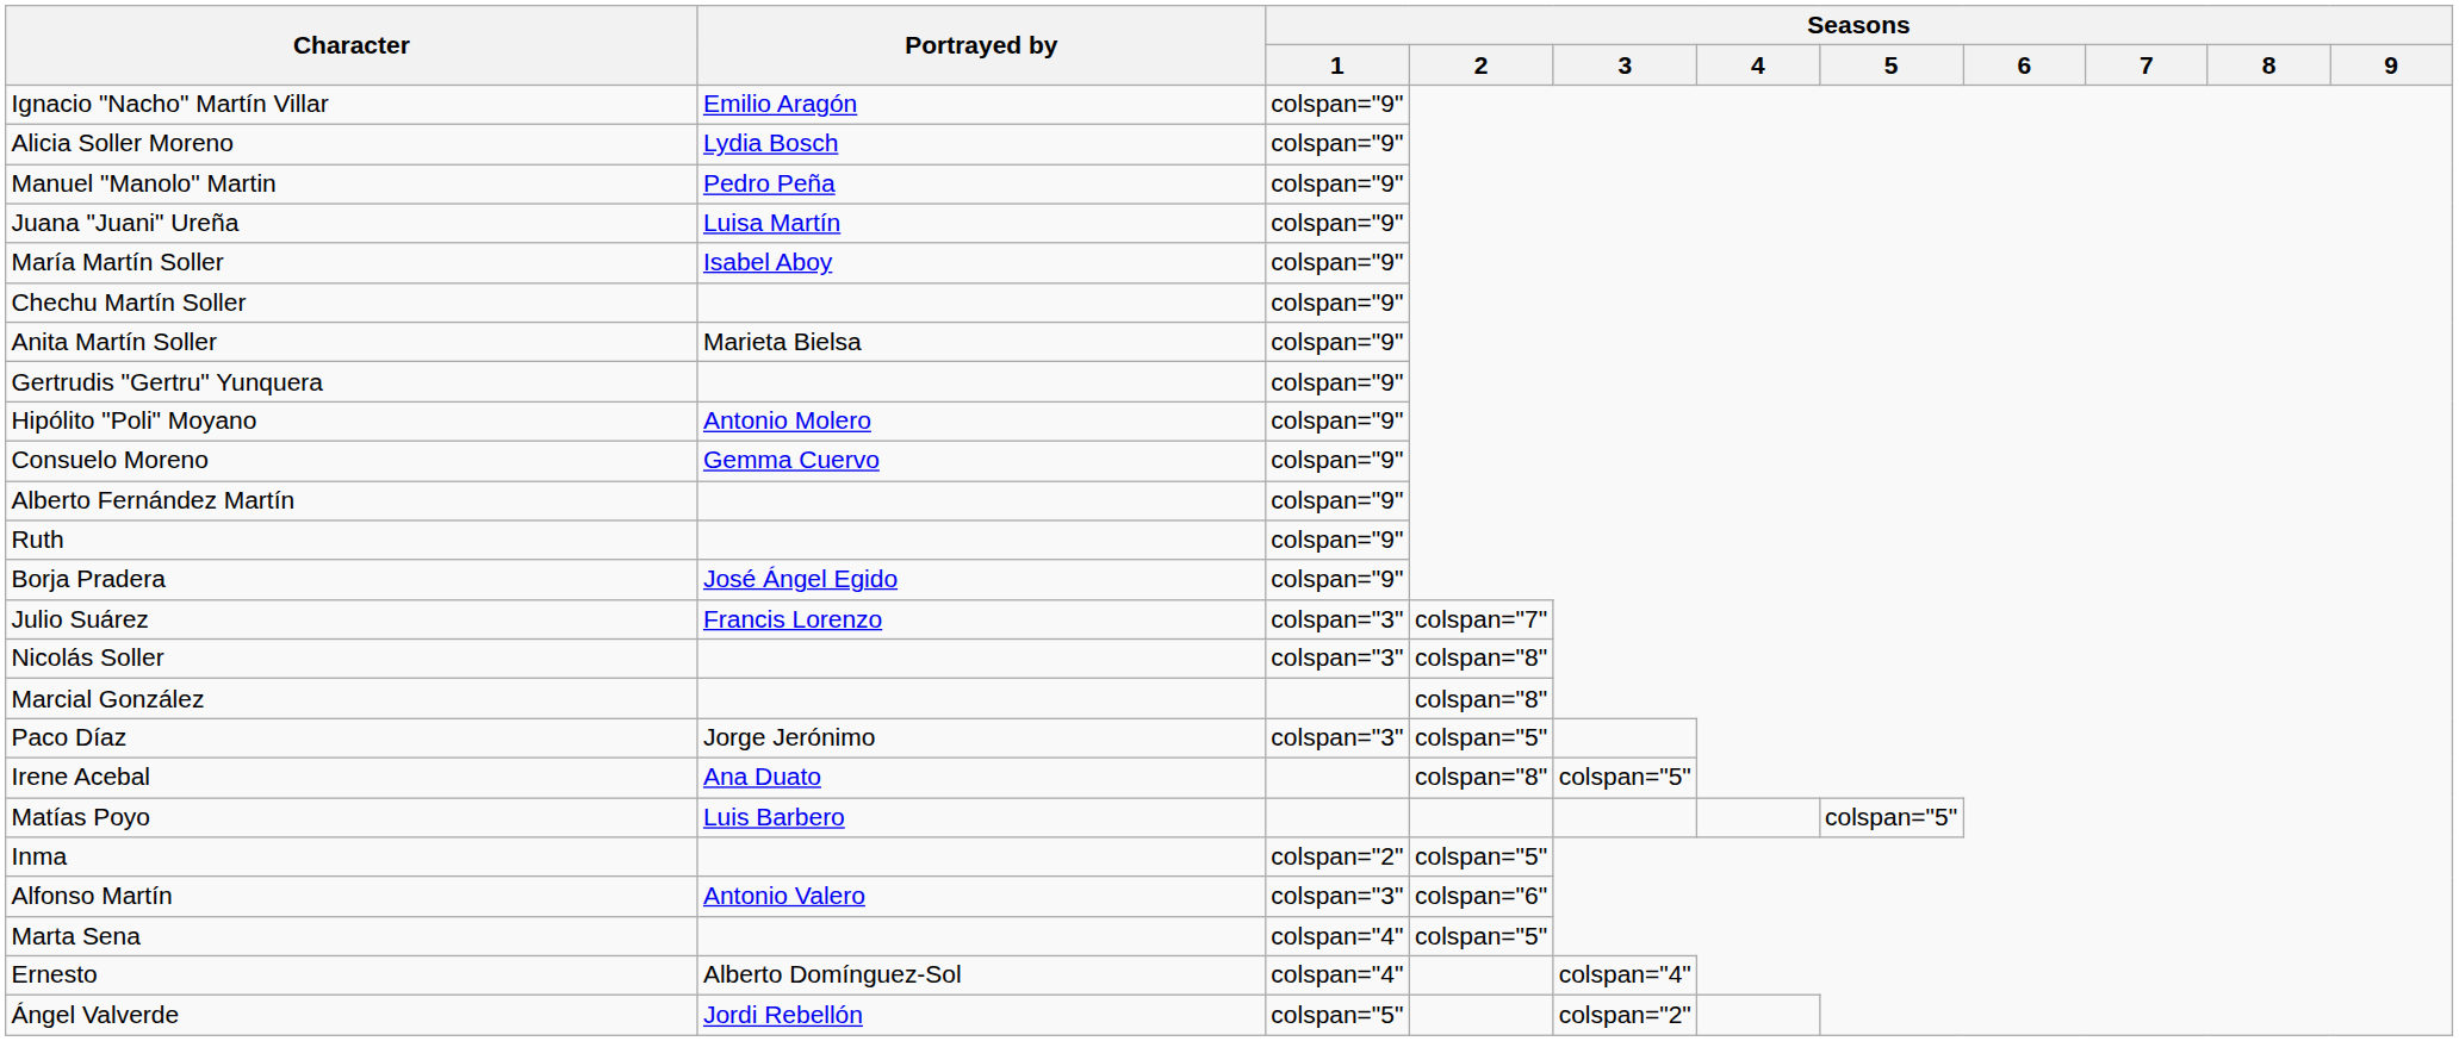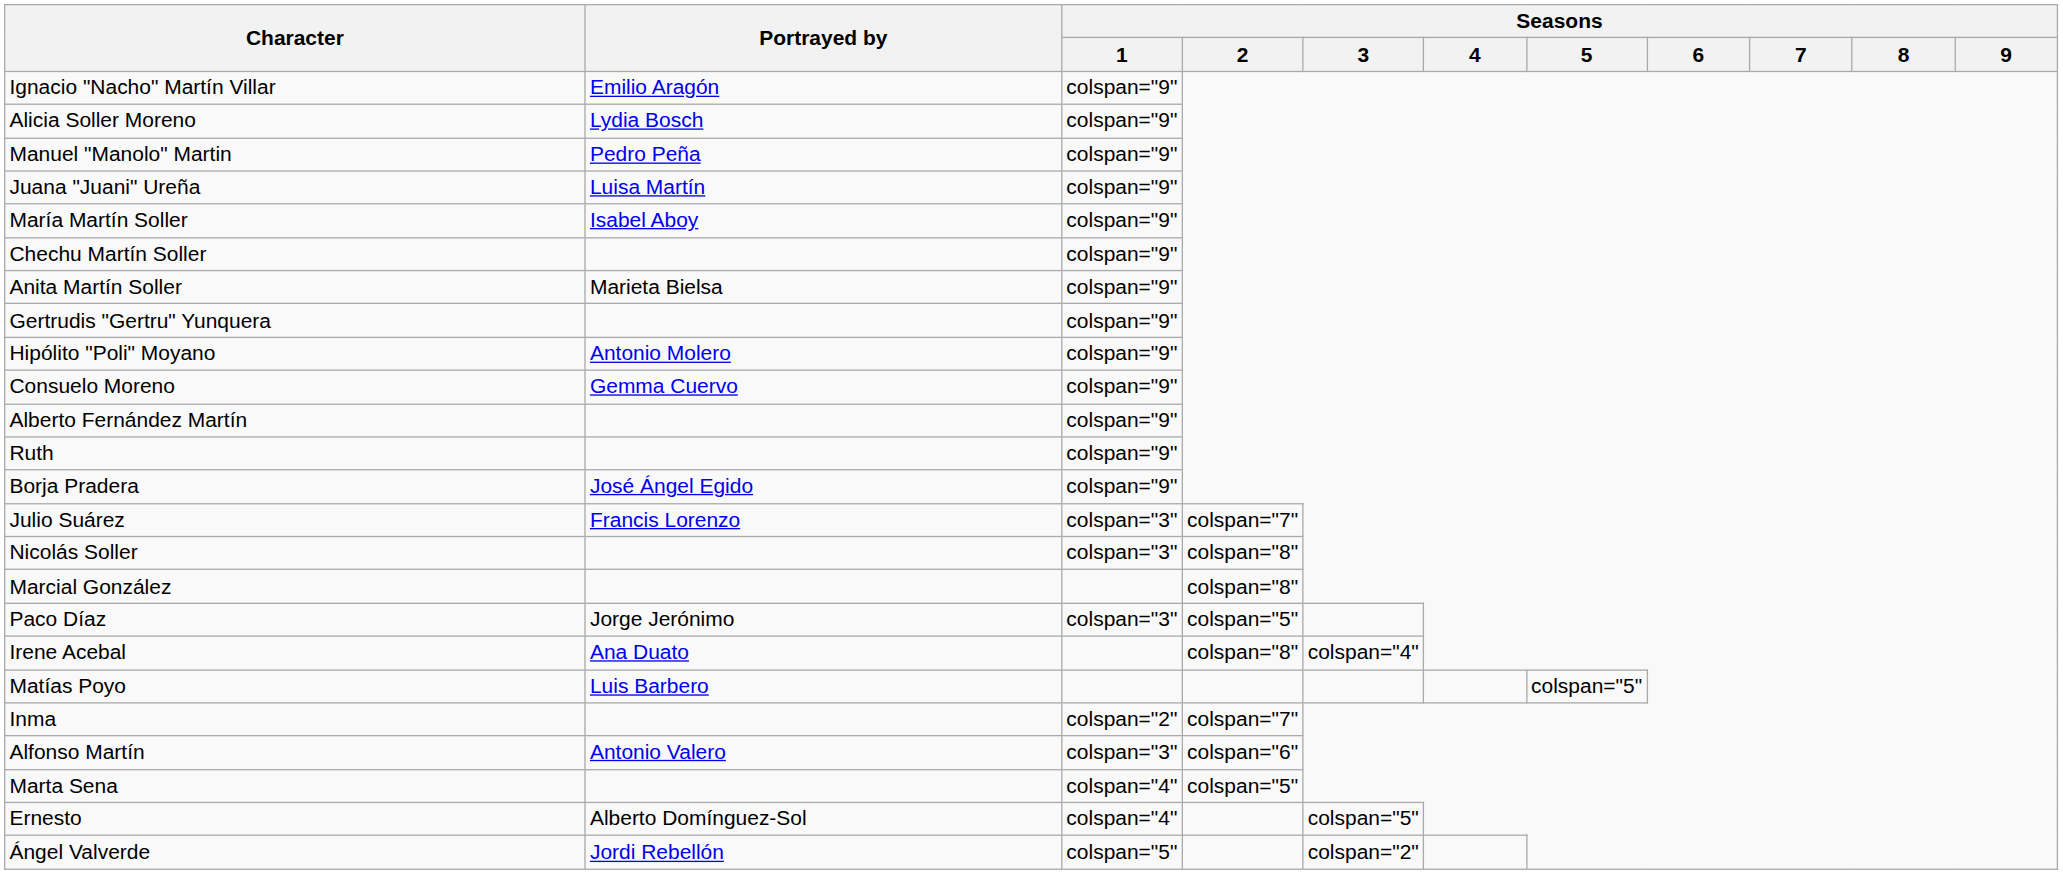 <table class="wikitable">
 <tr>
 <th rowspan="2">Character</th>
 <th rowspan="2">Portrayed by</th>
 <th colspan="23">Seasons</th>
 </tr>
 <tr>
 <th style="width:5%">1</th>
 <th style="width:5%">2</th>
 <th style="width:5%">3</th>
 <th style="width:5%">4</th>
 <th style="width:5%">5</th>
 <th style="width:5%">6</th>
 <th style="width:5%">7</th>
 <th style="width:5%">8</th>
 <th style="width:5%">9</th>
 </tr>
 <tr>
 <td>Ignacio "Nacho" Martín Villar</td>
 <td><a href='#'>Emilio Aragón</a></td>
 <td>colspan="9" </td>
 </tr>
 <tr>
 <td>Alicia Soller Moreno</td>
 <td><a href='#'>Lydia Bosch</a></td>
 <td>colspan="9" </td>
 </tr>
 <tr>
 <td>Manuel "Manolo" Martin</td>
 <td><a href='#'>Pedro Peña</a></td>
 <td>colspan="9" </td>
 </tr>
 <tr>
 <td>Juana "Juani" Ureña</td>
 <td><a href='#'>Luisa Martín</a></td>
 <td>colspan="9" </td>
 </tr>
 <tr>
 <td>María Martín Soller</td>
 <td><a href='#'>Isabel Aboy</a></td>
 <td>colspan="9" </td>
 </tr>
 <tr>
 <td>Chechu Martín Soller</td>
 <td></td>
 <td>colspan="9" </td>
 </tr>
 <tr>
 <td>Anita Martín Soller</td>
 <td>Marieta Bielsa</td>
 <td>colspan="9" </td>
 </tr>
 <tr>
 <td>Gertrudis "Gertru" Yunquera</td>
 <td></td>
 <td>colspan="9" </td>
 </tr>
 <tr>
 <td>Hipólito "Poli" Moyano</td>
 <td><a href='#'>Antonio Molero</a></td>
 <td>colspan="9" </td>
 </tr>
 <tr>
 <td>Consuelo Moreno</td>
 <td><a href='#'>Gemma Cuervo</a></td>
 <td>colspan="9" </td>
 </tr>
 <tr>
 <td>Alberto Fernández Martín</td>
 <td></td>
 <td>colspan="9" </td>
 </tr>
 <tr>
 <td>Ruth</td>
 <td></td>
 <td>colspan="9" </td>
 </tr>
 <tr>
 <td>Borja Pradera</td>
 <td><a href='#'>José Ángel Egido</a></td>
 <td>colspan="9" </td>
 </tr>
 <tr>
 <td>Julio Suárez</td>
 <td><a href='#'>Francis Lorenzo</a></td>
 <td>colspan="3" </td>
 <td>colspan="7" </td>
 </tr>
 <tr>
 <td>Nicolás Soller</td>
 <td></td>
 <td>colspan="3" </td>
 <td>colspan="8" </td>
 </tr>
 <tr>
 <td>Marcial González</td>
 <td></td>
 <td></td>
 <td>colspan="8" </td>
 </tr>
 <tr>
 <td>Paco Díaz</td>
 <td>Jorge Jerónimo</td>
 <td>colspan="3" </td>
 <td>colspan="5" </td>
 <td></td>
 </tr>
 <tr>
 <td>Irene Acebal</td>
 <td><a href='#'>Ana Duato</a></td>
 <td></td>
 <td>colspan="8" </td>
-<td>colspan="5" </td>
+<td>colspan="4" </td>
 </tr>
 <tr>
 <td>Matías Poyo</td>
 <td><a href='#'>Luis Barbero</a></td>
 <td></td>
 <td></td>
 <td></td>
 <td></td>
 <td>colspan="5" </td>
 </tr>
 <tr>
 <td>Inma</td>
 <td></td>
 <td>colspan="2" </td>
-<td>colspan="5" </td>
+<td>colspan="7" </td>
 </tr>
 <tr>
 <td>Alfonso Martín</td>
 <td><a href='#'>Antonio Valero</a></td>
 <td>colspan="3" </td>
 <td>colspan="6" </td>
 </tr>
 <tr>
 <td>Marta Sena</td>
 <td></td>
 <td>colspan="4" </td>
 <td>colspan="5" </td>
 </tr>
 <tr>
 <td>Ernesto</td>
 <td>Alberto Domínguez-Sol</td>
 <td>colspan="4" </td>
 <td></td>
-<td>colspan="4" </td>
+<td>colspan="5" </td>
 </tr>
 <tr>
 <td>Ángel Valverde</td>
 <td><a href='#'>Jordi Rebellón</a></td>
 <td>colspan="5" </td>
 <td></td>
 <td>colspan="2" </td>
 <td></td>
 </tr>
 </table>
